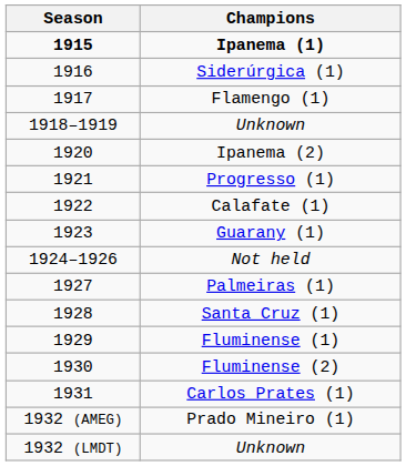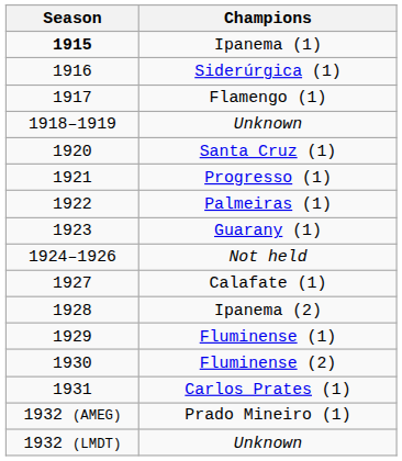 <table class="wikitable" style="text-align:center; margin-left:1em;">
 <tr>
 <th style="width:100px">Season</th>
 <th style="width:200px">Champions</th>
 </tr>
 <tr>
 <td><strong>1915</strong></td>
-<td><strong>Ipanema (1)</strong></td>
+<td>Ipanema (1)</td>
 </tr>
 <tr>
 <td>1916</td>
 <td><a href='#'>Siderúrgica</a> (1)</td>
 </tr>
 <tr>
 <td>1917</td>
 <td>Flamengo (1)</td>
 </tr>
 <tr>
 <td>1918–1919</td>
 <td><em>Unknown</em></td>
 </tr>
 <tr>
 <td>1920</td>
-<td>Ipanema (2)</td>
+<td><a href='#'>Santa Cruz</a> (1)</td>
 </tr>
 <tr>
 <td>1921</td>
 <td><a href='#'>Progresso</a> (1)</td>
 </tr>
 <tr>
 <td>1922</td>
-<td>Calafate (1)</td>
+<td><a href='#'>Palmeiras</a> (1)</td>
 </tr>
 <tr>
 <td>1923</td>
 <td><a href='#'>Guarany</a> (1)</td>
 </tr>
 <tr>
 <td>1924–1926</td>
 <td><em>Not held</em></td>
 </tr>
 <tr>
 <td>1927</td>
-<td><a href='#'>Palmeiras</a> (1)</td>
+<td>Calafate (1)</td>
 </tr>
 <tr>
 <td>1928</td>
-<td><a href='#'>Santa Cruz</a> (1)</td>
+<td>Ipanema (2)</td>
 </tr>
 <tr>
 <td>1929</td>
 <td><a href='#'>Fluminense</a> (1)</td>
 </tr>
 <tr>
 <td>1930</td>
 <td><a href='#'>Fluminense</a> (2)</td>
 </tr>
 <tr>
 <td>1931</td>
 <td><a href='#'>Carlos Prates</a> (1)</td>
 </tr>
 <tr>
 <td>1932 <small>(AMEG)</small></td>
 <td>Prado Mineiro (1)</td>
 </tr>
 <tr>
 <td>1932 <small>(LMDT)</small></td>
 <td><em>Unknown</em></td>
 </tr>
 </table>
